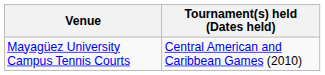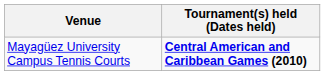 <table class=wikitable>
 <tr>
 <th width=200>Venue</th>
 <th width=200>Tournament(s) held<br>(Dates held)</th>
 </tr>
 <tr>
 <td><a href='#'>Mayagüez University Campus Tennis Courts</a></td>
-<td><a href='#'>Central American and Caribbean Games</a> (2010)</td>
+<td><strong><a href='#'>Central American and Caribbean Games</a> (2010)</strong></td>
 </tr>
 </table>
